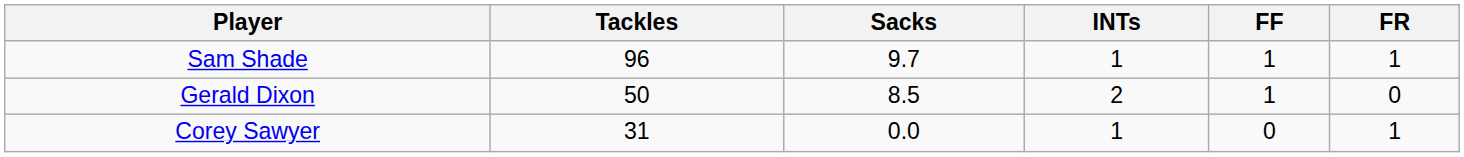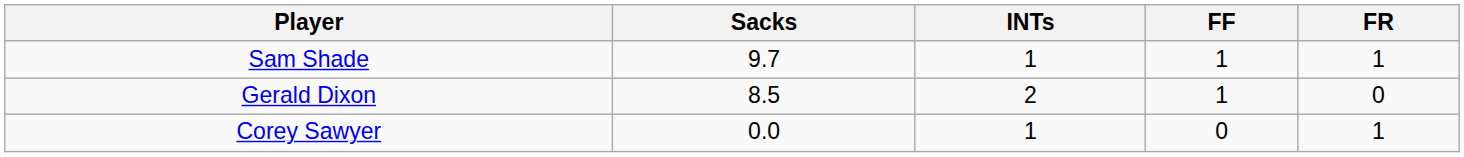 <table class="wikitable" style="text-align:center;" width="80%">
 <tr>
 <th>Player</th>
-<th>Tackles</th>
 <th>Sacks</th>
 <th>INTs</th>
 <th>FF</th>
 <th>FR</th>
 </tr>
 <tr>
 <td><a href='#'>Sam Shade</a></td>
-<td>96</td>
 <td>9.7</td>
 <td>1</td>
 <td>1</td>
 <td>1</td>
 </tr>
 <tr>
 <td><a href='#'>Gerald Dixon</a></td>
-<td>50</td>
 <td>8.5</td>
 <td>2</td>
 <td>1</td>
 <td>0</td>
 </tr>
 <tr>
 <td><a href='#'>Corey Sawyer</a></td>
-<td>31</td>
 <td>0.0</td>
 <td>1</td>
 <td>0</td>
 <td>1</td>
 </tr>
 </table>
